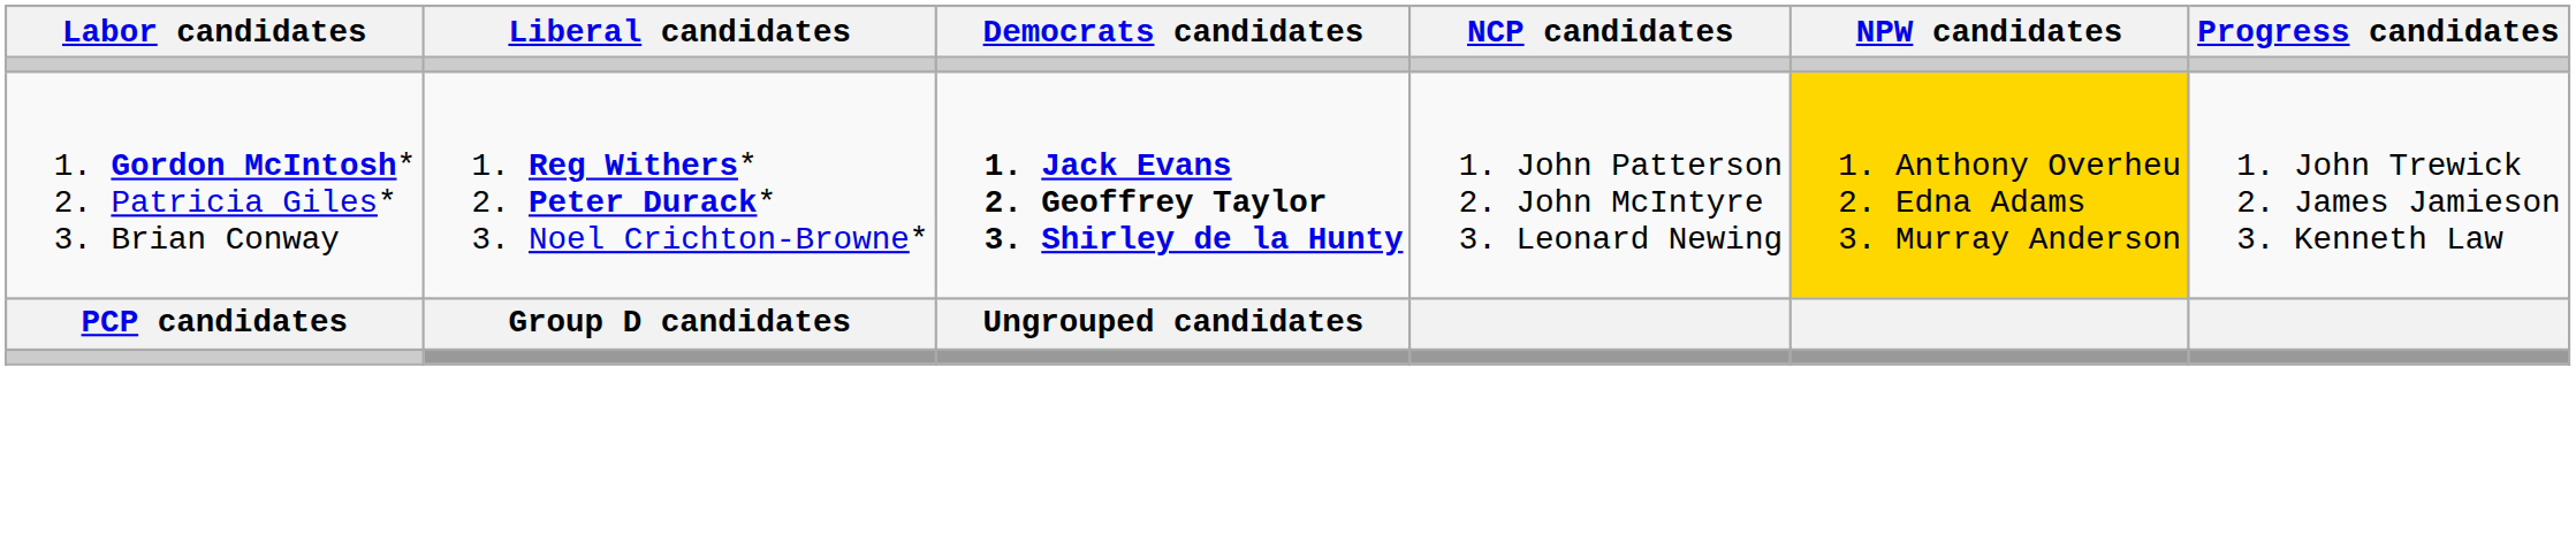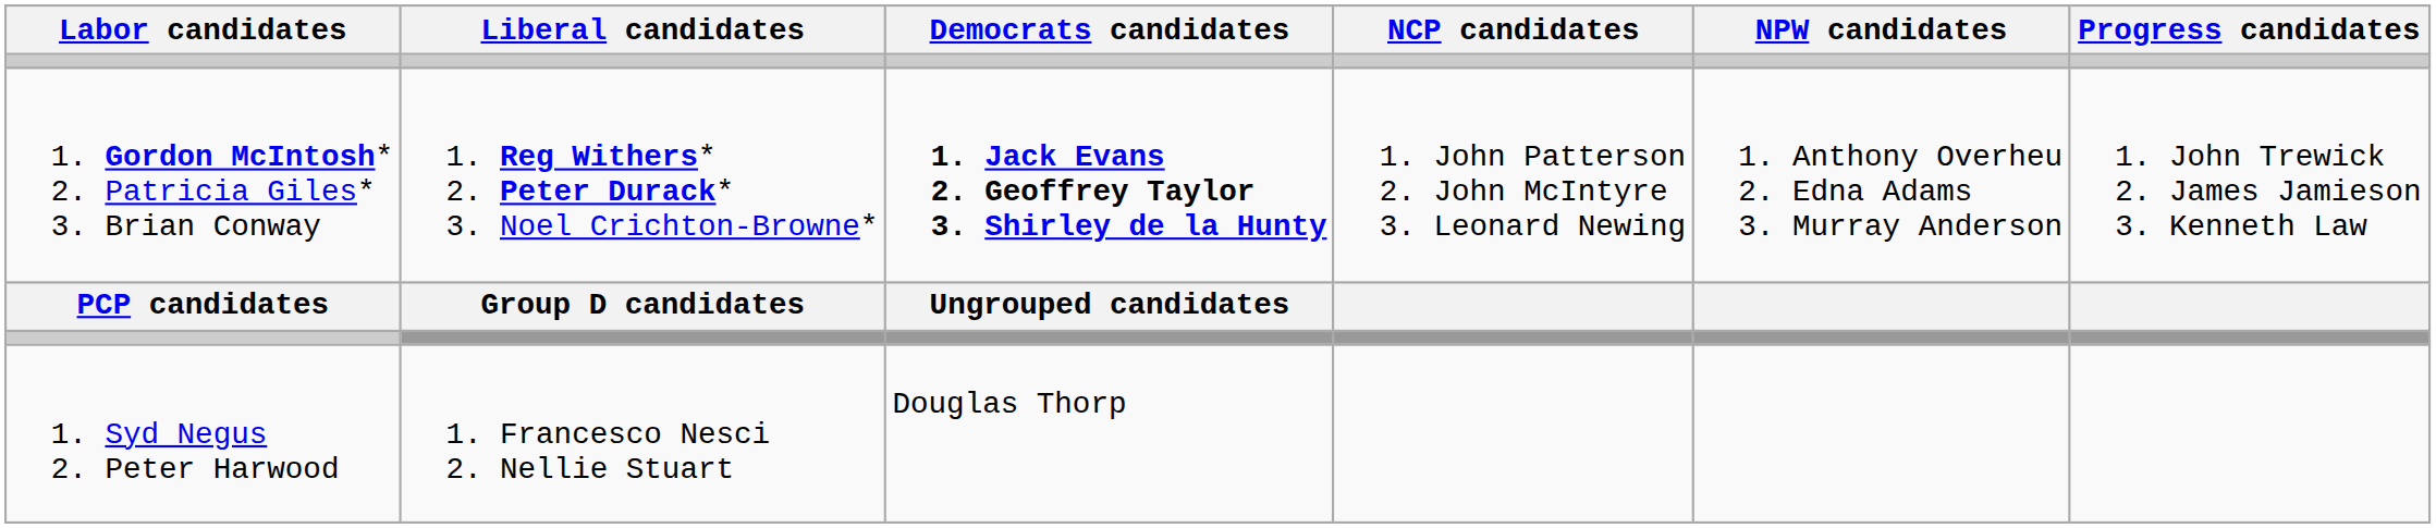 <table class="wikitable">
 <tr>
 <th><a href='#'>Labor</a> candidates</th>
 <th><a href='#'>Liberal</a> candidates</th>
 <th><a href='#'>Democrats</a> candidates</th>
 <th><a href='#'>NCP</a> candidates</th>
 <th><a href='#'>NPW</a> candidates</th>
 <th><a href='#'>Progress</a> candidates</th>
 </tr>
 <tr bgcolor="#cccccc">
 <td></td>
 <td></td>
 <td></td>
 <td></td>
 <td></td>
 <td></td>
 </tr>
 <tr>
 <td><br><ol><li><strong><a href='#'>Gordon McIntosh</a></strong>*</li><li><a href='#'>Patricia Giles</a>*</li><li>Brian Conway</li></ol></td>
 <td><br><ol><li><strong><a href='#'>Reg Withers</a></strong>*</li><li><strong><a href='#'>Peter Durack</a></strong>*</li><li><a href='#'>Noel Crichton-Browne</a>*</li></ol></td>
 <td valign=top><strong><br><ol><li><a href='#'>Jack Evans</a></li><li>Geoffrey Taylor</li><li><a href='#'>Shirley de la Hunty</a></li></ol></strong></td>
 <td valign=top><br><ol><li>John Patterson</li><li>John McIntyre</li><li>Leonard Newing</li></ol></td>
-<td valign=top style="background: gold;"><br><ol><li>Anthony Overheu</li><li>Edna Adams</li><li>Murray Anderson</li></ol></td>
+<td valign=top><br><ol><li>Anthony Overheu</li><li>Edna Adams</li><li>Murray Anderson</li></ol></td>
 <td valign=top><br><ol><li>John Trewick</li><li>James Jamieson</li><li>Kenneth Law</li></ol></td>
 </tr>
 <tr bgcolor="#cccccc">
 <th><a href='#'>PCP</a> candidates</th>
 <th>Group D candidates</th>
 <th>Ungrouped candidates</th>
 <th></th>
 <th></th>
 <th></th>
 </tr>
 <tr bgcolor="#cccccc">
 <td></td>
 <td bgcolor="#999999"></td>
 <td bgcolor="#999999"></td>
 <td bgcolor="#999999"></td>
 <td bgcolor="#999999"></td>
 <td bgcolor="#999999"></td>
 </tr>
+<tr>
+<td valign=top><br><ol><li><a href='#'>Syd Negus</a></li><li>Peter Harwood</li></ol></td>
+<td valign=top><br><ol><li>Francesco Nesci</li><li>Nellie Stuart</li></ol></td>
+<td valign=top><br>Douglas Thorp</td>
+<td valign=top></td>
+<td valign=top></td>
+<td valign=top></td>
+</tr>
 </table>
